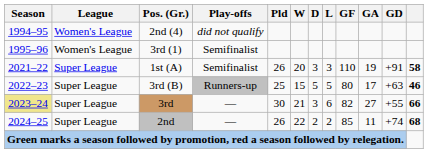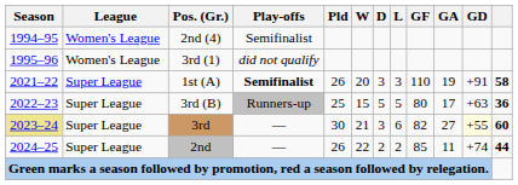 <table class="wikitable">
 <tr>
 <th>Season</th>
 <th>League</th>
 <th>Pos. (Gr.)</th>
 <th>Play-offs</th>
 <th>Pld</th>
 <th>W</th>
 <th>D</th>
 <th>L</th>
 <th>GF</th>
 <th>GA</th>
 <th>GD</th>
 <th></th>
 </tr>
 <tr align=center>
 <td><a href='#'>1994–95</a></td>
 <td align=left><a href='#'>Women's League</a></td>
 <td>2nd (4)</td>
-<td bgcolor=><em>did not qualify</em></td>
+<td>Semifinalist</td>
 <td></td>
 <td></td>
 <td></td>
 <td></td>
 <td></td>
 <td></td>
 <td></td>
 <td></td>
 </tr>
 <tr align=center>
 <td><a href='#'>1995–96</a></td>
 <td align=left>Women's League</td>
 <td>3rd (1)</td>
-<td>Semifinalist</td>
+<td bgcolor=><em>did not qualify</em></td>
 <td></td>
 <td></td>
 <td></td>
 <td></td>
 <td></td>
 <td></td>
 <td></td>
 <td></td>
 </tr>
 <tr align=center>
 <td><a href='#'>2021–22</a></td>
 <td align=left><a href='#'>Super League</a></td>
 <td>1st (A)</td>
-<td>Semifinalist</td>
+<td><strong>Semifinalist</strong></td>
 <td>26</td>
 <td>20</td>
 <td>3</td>
 <td>3</td>
 <td>110</td>
 <td>19</td>
 <td>+91</td>
 <td><strong>58</strong></td>
 </tr>
 <tr align=center>
 <td><a href='#'>2022–23</a></td>
 <td align=left>Super League</td>
 <td>3rd (B)</td>
 <td bgcolor=silver>Runners-up</td>
 <td>25</td>
 <td>15</td>
 <td>5</td>
 <td>5</td>
 <td>80</td>
 <td>17</td>
 <td>+63</td>
-<td><strong>46</strong></td>
+<td><strong>36</strong></td>
 </tr>
 <tr align=center>
 <td style="background: khaki;"><a href='#'>2023–24</a></td>
 <td align=left>Super League</td>
 <td bgcolor=cc9966>3rd</td>
 <td>—</td>
 <td>30</td>
 <td>21</td>
 <td>3</td>
 <td>6</td>
 <td>82</td>
 <td>27</td>
-<td>+55</td>
-<td><strong>66</strong></td>
+<td style="background: lightyellow;">+55</td>
+<td><strong>60</strong></td>
 </tr>
 <tr align=center>
 <td><a href='#'>2024–25</a></td>
 <td align=left>Super League</td>
 <td bgcolor=silver>2nd</td>
 <td>—</td>
 <td>26</td>
 <td>22</td>
 <td>2</td>
 <td>2</td>
 <td>85</td>
 <td>11</td>
 <td>+74</td>
-<td><strong>68</strong></td>
+<td><strong>44</strong></td>
 </tr>
 <tr bgcolor=#abcdef>
 <td colspan=11 align=center><strong>Green marks a season followed by promotion, red a season followed by relegation.</strong></td>
 </tr>
 </table>
